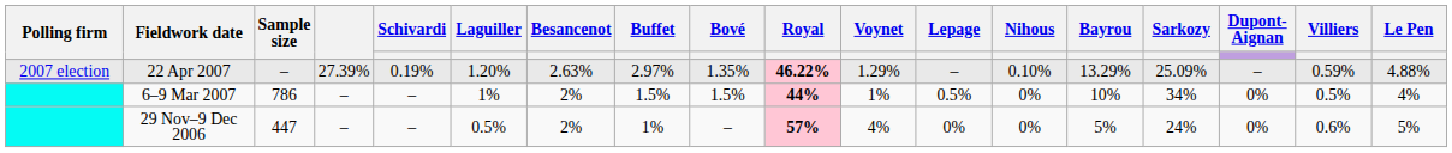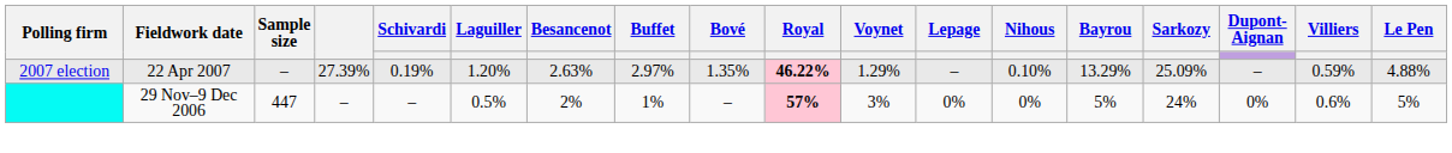 <table class="wikitable sortable" style="text-align:center;font-size:90%;line-height:14px;">
 <tr style="height:40px;">
 <th style="width:100px;" rowspan="2">Polling firm</th>
 <th style="width:110px;" rowspan="2">Fieldwork date</th>
 <th style="width:35px;" rowspan="2">Sample<br>size</th>
 <th style="width:30px;" rowspan="2"></th>
 <th class="unsortable" style="width:60px;"><a href='#'>Schivardi</a><br></th>
 <th class="unsortable" style="width:60px;"><a href='#'>Laguiller</a><br></th>
 <th class="unsortable" style="width:60px;"><a href='#'>Besancenot</a><br></th>
 <th class="unsortable" style="width:60px;"><a href='#'>Buffet</a><br></th>
 <th class="unsortable" style="width:60px;"><a href='#'>Bové</a><br></th>
 <th class="unsortable" style="width:60px;"><a href='#'>Royal</a><br></th>
 <th class="unsortable" style="width:60px;"><a href='#'>Voynet</a><br></th>
 <th class="unsortable" style="width:60px;"><a href='#'>Lepage</a><br></th>
 <th class="unsortable" style="width:60px;"><a href='#'>Nihous</a><br></th>
 <th class="unsortable" style="width:60px;"><a href='#'>Bayrou</a><br></th>
 <th class="unsortable" style="width:60px;"><a href='#'>Sarkozy</a><br></th>
 <th class="unsortable" style="width:60px;"><a href='#'>Dupont-Aignan</a><br></th>
 <th class="unsortable" style="width:60px;"><a href='#'>Villiers</a><br></th>
 <th class="unsortable" style="width:60px;"><a href='#'>Le Pen</a><br></th>
 </tr>
 <tr>
 <th style="background:"></th>
 <th style="background:"></th>
 <th style="background:"></th>
 <th style="background:"></th>
 <th style="background:"></th>
 <th style="background:"></th>
 <th style="background:"></th>
 <th style="background:"></th>
 <th style="background:"></th>
 <th style="background:"></th>
 <th style="background:"></th>
 <th style="background:#BF9FDF;"></th>
 <th style="background:"></th>
 <th style="background:"></th>
 </tr>
 <tr style="background:#E9E9E9;">
 <td><a href='#'>2007 election</a></td>
 <td data-sort-value="2007-04-22">22 Apr 2007</td>
 <td>–</td>
 <td>27.39%</td>
 <td>0.19%</td>
 <td>1.20%</td>
 <td>2.63%</td>
 <td>2.97%</td>
 <td>1.35%</td>
 <td style="background:#FFC6D5;"><strong>46.22%</strong></td>
 <td>1.29%</td>
 <td>–</td>
 <td>0.10%</td>
 <td>13.29%</td>
 <td>25.09%</td>
 <td>–</td>
 <td>0.59%</td>
 <td>4.88%</td>
 </tr>
 <tr>
 <td style="background:#04FBF4;"></td>
-<td data-sort-value="2007-03-09">6–9 Mar 2007</td>
-<td>786</td>
-<td>–</td>
-<td>–</td>
-<td>1%</td>
-<td>2%</td>
-<td>1.5%</td>
-<td>1.5%</td>
-<td style="background:#FFC6D5;"><strong>44%</strong></td>
-<td>1%</td>
-<td>0.5%</td>
-<td>0%</td>
-<td>10%</td>
-<td>34%</td>
-<td>0%</td>
-<td>0.5%</td>
-<td>4%</td>
-</tr>
-<tr>
-<td style="background:#04FBF4;"></td>
 <td data-sort-value="2006-12-08">29 Nov–9 Dec 2006</td>
 <td>447</td>
 <td>–</td>
 <td>–</td>
 <td>0.5%</td>
 <td>2%</td>
 <td>1%</td>
 <td>–</td>
 <td style="background:#FFC6D5;"><strong>57%</strong></td>
-<td>4%</td>
+<td>3%</td>
 <td>0%</td>
 <td>0%</td>
 <td>5%</td>
 <td>24%</td>
 <td>0%</td>
 <td>0.6%</td>
 <td>5%</td>
 </tr>
 </table>
